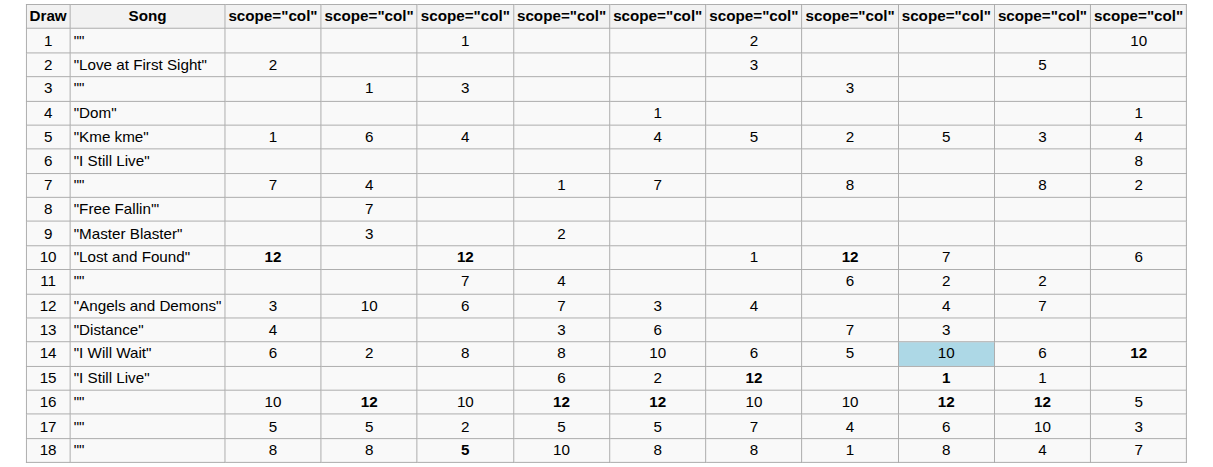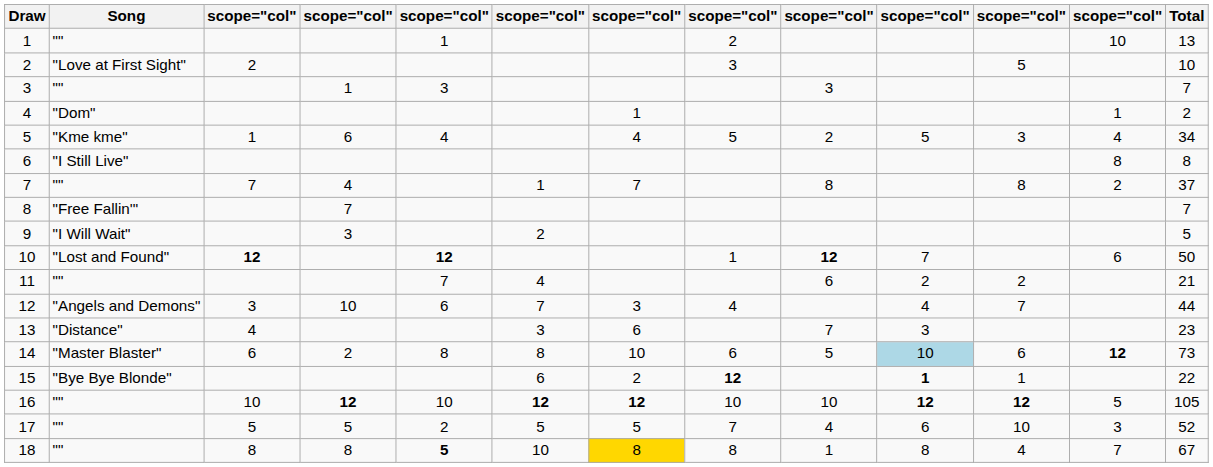 <table class="wikitable collapsible" style="margin: 1em auto 1em auto; text-align:center;">
 <tr>
 <th>Draw</th>
 <th>Song</th>
 <th>scope="col" </th>
 <th>scope="col" </th>
 <th>scope="col" </th>
 <th>scope="col" </th>
 <th>scope="col" </th>
 <th>scope="col" </th>
 <th>scope="col" </th>
 <th>scope="col" </th>
 <th>scope="col" </th>
 <th>scope="col" </th>
+<th>Total</th>
 </tr>
 <tr>
 <td>1</td>
 <td align="left">""</td>
 <td></td>
 <td></td>
 <td>1</td>
 <td></td>
 <td></td>
 <td>2</td>
 <td></td>
 <td></td>
 <td></td>
 <td>10</td>
+<td>13</td>
 </tr>
 <tr>
 <td>2</td>
 <td align="left">"Love at First Sight"</td>
 <td>2</td>
 <td></td>
 <td></td>
 <td></td>
 <td></td>
 <td>3</td>
 <td></td>
 <td></td>
 <td>5</td>
 <td></td>
+<td>10</td>
 </tr>
 <tr>
 <td>3</td>
 <td align="left">""</td>
 <td></td>
 <td>1</td>
 <td>3</td>
 <td></td>
 <td></td>
 <td></td>
 <td>3</td>
 <td></td>
 <td></td>
 <td></td>
+<td>7</td>
 </tr>
 <tr>
 <td>4</td>
 <td align="left">"Dom"</td>
 <td></td>
 <td></td>
 <td></td>
 <td></td>
 <td>1</td>
 <td></td>
 <td></td>
 <td></td>
 <td></td>
 <td>1</td>
+<td>2</td>
 </tr>
 <tr>
 <td>5</td>
 <td align="left">"Kme kme"</td>
 <td>1</td>
 <td>6</td>
 <td>4</td>
 <td></td>
 <td>4</td>
 <td>5</td>
 <td>2</td>
 <td>5</td>
 <td>3</td>
 <td>4</td>
+<td>34</td>
 </tr>
 <tr>
 <td>6</td>
 <td align="left">"I Still Live"</td>
 <td></td>
 <td></td>
 <td></td>
 <td></td>
 <td></td>
 <td></td>
 <td></td>
 <td></td>
 <td></td>
+<td>8</td>
 <td>8</td>
 </tr>
 <tr>
 <td>7</td>
 <td align="left">""</td>
 <td>7</td>
 <td>4</td>
 <td></td>
 <td>1</td>
 <td>7</td>
 <td></td>
 <td>8</td>
 <td></td>
 <td>8</td>
 <td>2</td>
+<td>37</td>
 </tr>
 <tr>
 <td>8</td>
 <td align="left">"Free Fallin'"</td>
 <td></td>
 <td>7</td>
 <td></td>
 <td></td>
 <td></td>
 <td></td>
 <td></td>
 <td></td>
 <td></td>
 <td></td>
+<td>7</td>
 </tr>
 <tr>
 <td>9</td>
-<td align="left">"Master Blaster"</td>
+<td align="left">"I Will Wait"</td>
 <td></td>
 <td>3</td>
 <td></td>
 <td>2</td>
 <td></td>
 <td></td>
 <td></td>
 <td></td>
 <td></td>
 <td></td>
+<td>5</td>
 </tr>
 <tr>
 <td>10</td>
 <td align="left">"Lost and Found"</td>
 <td><strong>12</strong></td>
 <td></td>
 <td><strong>12</strong></td>
 <td></td>
 <td></td>
 <td>1</td>
 <td><strong>12</strong></td>
 <td>7</td>
 <td></td>
 <td>6</td>
+<td>50</td>
 </tr>
 <tr>
 <td>11</td>
 <td align="left">""</td>
 <td></td>
 <td></td>
 <td>7</td>
 <td>4</td>
 <td></td>
 <td></td>
 <td>6</td>
 <td>2</td>
 <td>2</td>
 <td></td>
+<td>21</td>
 </tr>
 <tr>
 <td>12</td>
 <td align="left">"Angels and Demons"</td>
 <td>3</td>
 <td>10</td>
 <td>6</td>
 <td>7</td>
 <td>3</td>
 <td>4</td>
 <td></td>
 <td>4</td>
 <td>7</td>
 <td></td>
+<td>44</td>
 </tr>
 <tr>
 <td>13</td>
 <td align="left">"Distance"</td>
 <td>4</td>
 <td></td>
 <td></td>
 <td>3</td>
 <td>6</td>
 <td></td>
 <td>7</td>
 <td>3</td>
 <td></td>
 <td></td>
+<td>23</td>
 </tr>
 <tr>
 <td>14</td>
-<td align="left">"I Will Wait"</td>
+<td align="left">"Master Blaster"</td>
 <td>6</td>
 <td>2</td>
 <td>8</td>
 <td>8</td>
 <td>10</td>
 <td>6</td>
 <td>5</td>
 <td style="background: lightblue;">10</td>
 <td>6</td>
 <td><strong>12</strong></td>
+<td>73</td>
 </tr>
 <tr>
 <td>15</td>
-<td align="left">"I Still Live"</td>
+<td align="left">"Bye Bye Blonde"</td>
 <td></td>
 <td></td>
 <td></td>
 <td>6</td>
 <td>2</td>
 <td><strong>12</strong></td>
 <td></td>
 <td><strong>1</strong></td>
 <td>1</td>
 <td></td>
+<td>22</td>
 </tr>
 <tr>
 <td>16</td>
 <td align="left">""</td>
 <td>10</td>
 <td><strong>12</strong></td>
 <td>10</td>
 <td><strong>12</strong></td>
 <td><strong>12</strong></td>
 <td>10</td>
 <td>10</td>
 <td><strong>12</strong></td>
 <td><strong>12</strong></td>
 <td>5</td>
+<td>105</td>
 </tr>
 <tr>
 <td>17</td>
 <td align="left">""</td>
 <td>5</td>
 <td>5</td>
 <td>2</td>
 <td>5</td>
 <td>5</td>
 <td>7</td>
 <td>4</td>
 <td>6</td>
 <td>10</td>
 <td>3</td>
+<td>52</td>
 </tr>
 <tr>
 <td>18</td>
 <td align="left">""</td>
 <td>8</td>
 <td>8</td>
 <td><strong>5</strong></td>
 <td>10</td>
-<td>8</td>
+<td style="background: gold;">8</td>
 <td>8</td>
 <td>1</td>
 <td>8</td>
 <td>4</td>
 <td>7</td>
+<td>67</td>
 </tr>
 </table>
